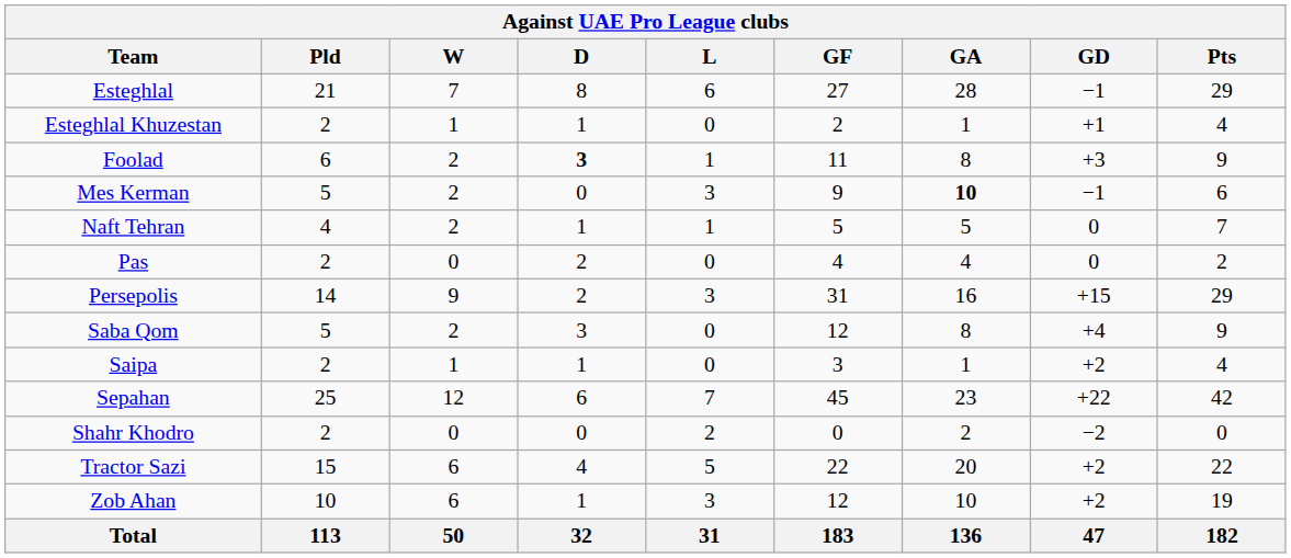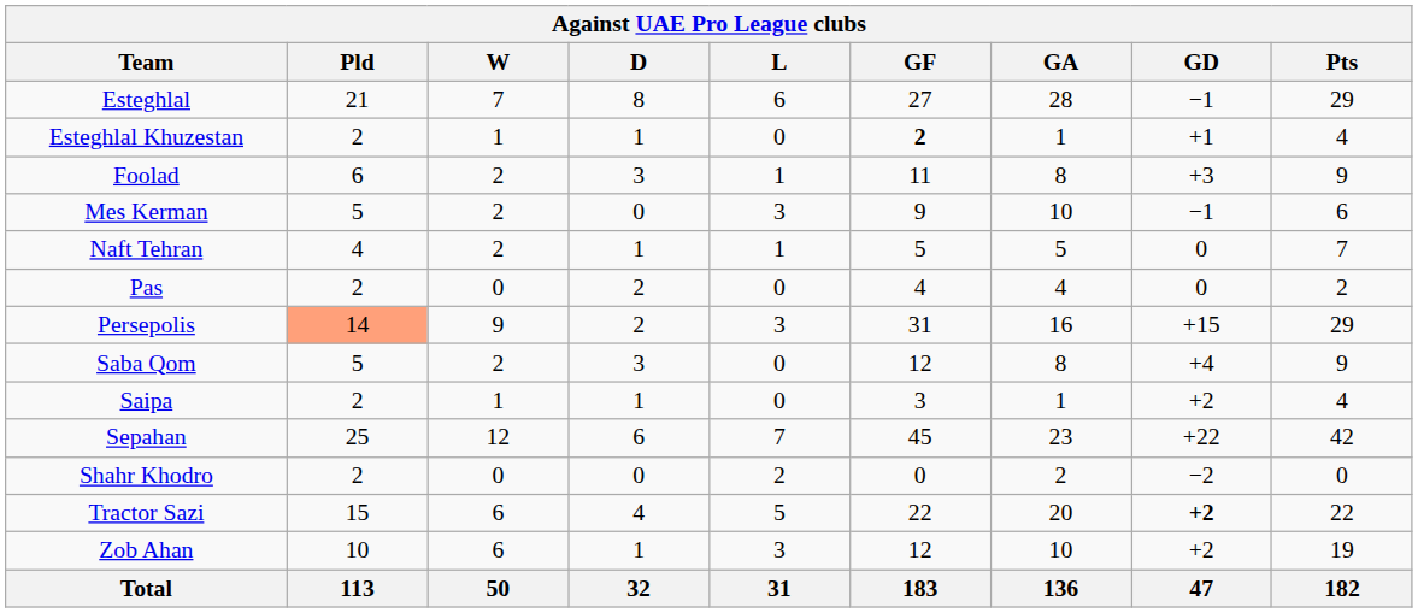 <table class="wikitable" width="60%" style="text-align:center">
 <tr>
 <th colspan="9">Against <a href='#'>UAE Pro League</a> clubs</th>
 </tr>
 <tr>
 <th width="10%">Team</th>
 <th width="5%">Pld</th>
 <th width="5%">W</th>
 <th width="5%">D</th>
 <th width="5%">L</th>
 <th width="5%">GF</th>
 <th width="5%">GA</th>
 <th width="5%">GD</th>
 <th width="5%">Pts</th>
 </tr>
 <tr>
 <td><a href='#'>Esteghlal</a></td>
 <td>21</td>
 <td>7</td>
 <td>8</td>
 <td>6</td>
 <td>27</td>
 <td>28</td>
 <td>−1</td>
 <td>29</td>
 </tr>
 <tr>
 <td><a href='#'>Esteghlal Khuzestan</a></td>
 <td>2</td>
 <td>1</td>
 <td>1</td>
 <td>0</td>
-<td>2</td>
+<td><strong>2</strong></td>
 <td>1</td>
 <td>+1</td>
 <td>4</td>
 </tr>
 <tr>
 <td><a href='#'>Foolad</a></td>
 <td>6</td>
 <td>2</td>
-<td><strong>3</strong></td>
+<td>3</td>
 <td>1</td>
 <td>11</td>
 <td>8</td>
 <td>+3</td>
 <td>9</td>
 </tr>
 <tr>
 <td><a href='#'>Mes Kerman</a></td>
 <td>5</td>
 <td>2</td>
 <td>0</td>
 <td>3</td>
 <td>9</td>
-<td><strong>10</strong></td>
+<td>10</td>
 <td>−1</td>
 <td>6</td>
 </tr>
 <tr>
 <td><a href='#'>Naft Tehran</a></td>
 <td>4</td>
 <td>2</td>
 <td>1</td>
 <td>1</td>
 <td>5</td>
 <td>5</td>
 <td>0</td>
 <td>7</td>
 </tr>
 <tr>
 <td><a href='#'>Pas</a></td>
 <td>2</td>
 <td>0</td>
 <td>2</td>
 <td>0</td>
 <td>4</td>
 <td>4</td>
 <td>0</td>
 <td>2</td>
 </tr>
 <tr>
 <td><a href='#'>Persepolis</a></td>
-<td>14</td>
+<td style="background: lightsalmon;">14</td>
 <td>9</td>
 <td>2</td>
 <td>3</td>
 <td>31</td>
 <td>16</td>
 <td>+15</td>
 <td>29</td>
 </tr>
 <tr>
 <td><a href='#'>Saba Qom</a></td>
 <td>5</td>
 <td>2</td>
 <td>3</td>
 <td>0</td>
 <td>12</td>
 <td>8</td>
 <td>+4</td>
 <td>9</td>
 </tr>
 <tr>
 <td><a href='#'>Saipa</a></td>
 <td>2</td>
 <td>1</td>
 <td>1</td>
 <td>0</td>
 <td>3</td>
 <td>1</td>
 <td>+2</td>
 <td>4</td>
 </tr>
 <tr>
 <td><a href='#'>Sepahan</a></td>
 <td>25</td>
 <td>12</td>
 <td>6</td>
 <td>7</td>
 <td>45</td>
 <td>23</td>
 <td>+22</td>
 <td>42</td>
 </tr>
 <tr>
 <td><a href='#'>Shahr Khodro</a></td>
 <td>2</td>
 <td>0</td>
 <td>0</td>
 <td>2</td>
 <td>0</td>
 <td>2</td>
 <td>−2</td>
 <td>0</td>
 </tr>
 <tr>
 <td><a href='#'>Tractor Sazi</a></td>
 <td>15</td>
 <td>6</td>
 <td>4</td>
 <td>5</td>
 <td>22</td>
 <td>20</td>
-<td>+2</td>
+<td><strong>+2</strong></td>
 <td>22</td>
 </tr>
 <tr>
 <td><a href='#'>Zob Ahan</a></td>
 <td>10</td>
 <td>6</td>
 <td>1</td>
 <td>3</td>
 <td>12</td>
 <td>10</td>
 <td>+2</td>
 <td>19</td>
 </tr>
 <tr>
 <th>Total</th>
 <th>113</th>
 <th>50</th>
 <th>32</th>
 <th>31</th>
 <th>183</th>
 <th>136</th>
 <th>47</th>
 <th>182</th>
 </tr>
 </table>
